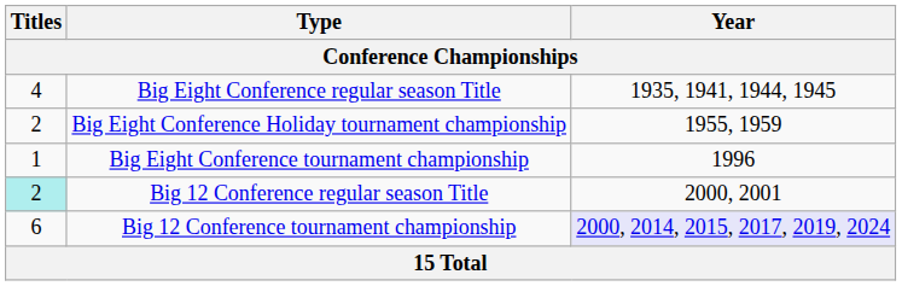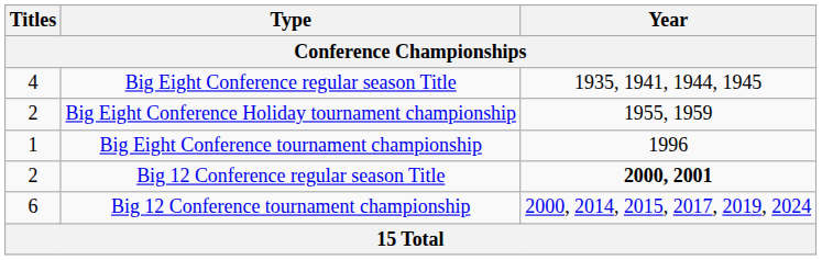 <table class="wikitable" style="text-align:center">
 <tr>
 <th>Titles</th>
 <th>Type</th>
 <th>Year</th>
 </tr>
 <tr>
 <th colspan=8>Conference Championships</th>
 </tr>
 <tr>
 <td>4</td>
 <td><a href='#'>Big Eight Conference regular season Title</a></td>
 <td>1935, 1941, 1944, 1945</td>
 </tr>
 <tr>
 <td>2</td>
 <td><a href='#'>Big Eight Conference Holiday tournament championship</a></td>
 <td>1955, 1959</td>
 </tr>
 <tr>
 <td>1</td>
 <td><a href='#'>Big Eight Conference tournament championship</a></td>
 <td>1996</td>
 </tr>
 <tr>
-<td style="background: paleturquoise;">2</td>
+<td>2</td>
 <td><a href='#'>Big 12 Conference regular season Title</a></td>
-<td>2000, 2001</td>
+<td><strong>2000, 2001</strong></td>
 </tr>
 <tr>
 <td>6</td>
 <td><a href='#'>Big 12 Conference tournament championship</a></td>
-<td style="background: lavender;"><a href='#'>2000</a>, <a href='#'>2014</a>, <a href='#'>2015</a>, <a href='#'>2017</a>, <a href='#'>2019</a>, <a href='#'>2024</a></td>
+<td><a href='#'>2000</a>, <a href='#'>2014</a>, <a href='#'>2015</a>, <a href='#'>2017</a>, <a href='#'>2019</a>, <a href='#'>2024</a></td>
 </tr>
 <tr>
 <th colspan=3>15 Total</th>
 </tr>
 </table>
